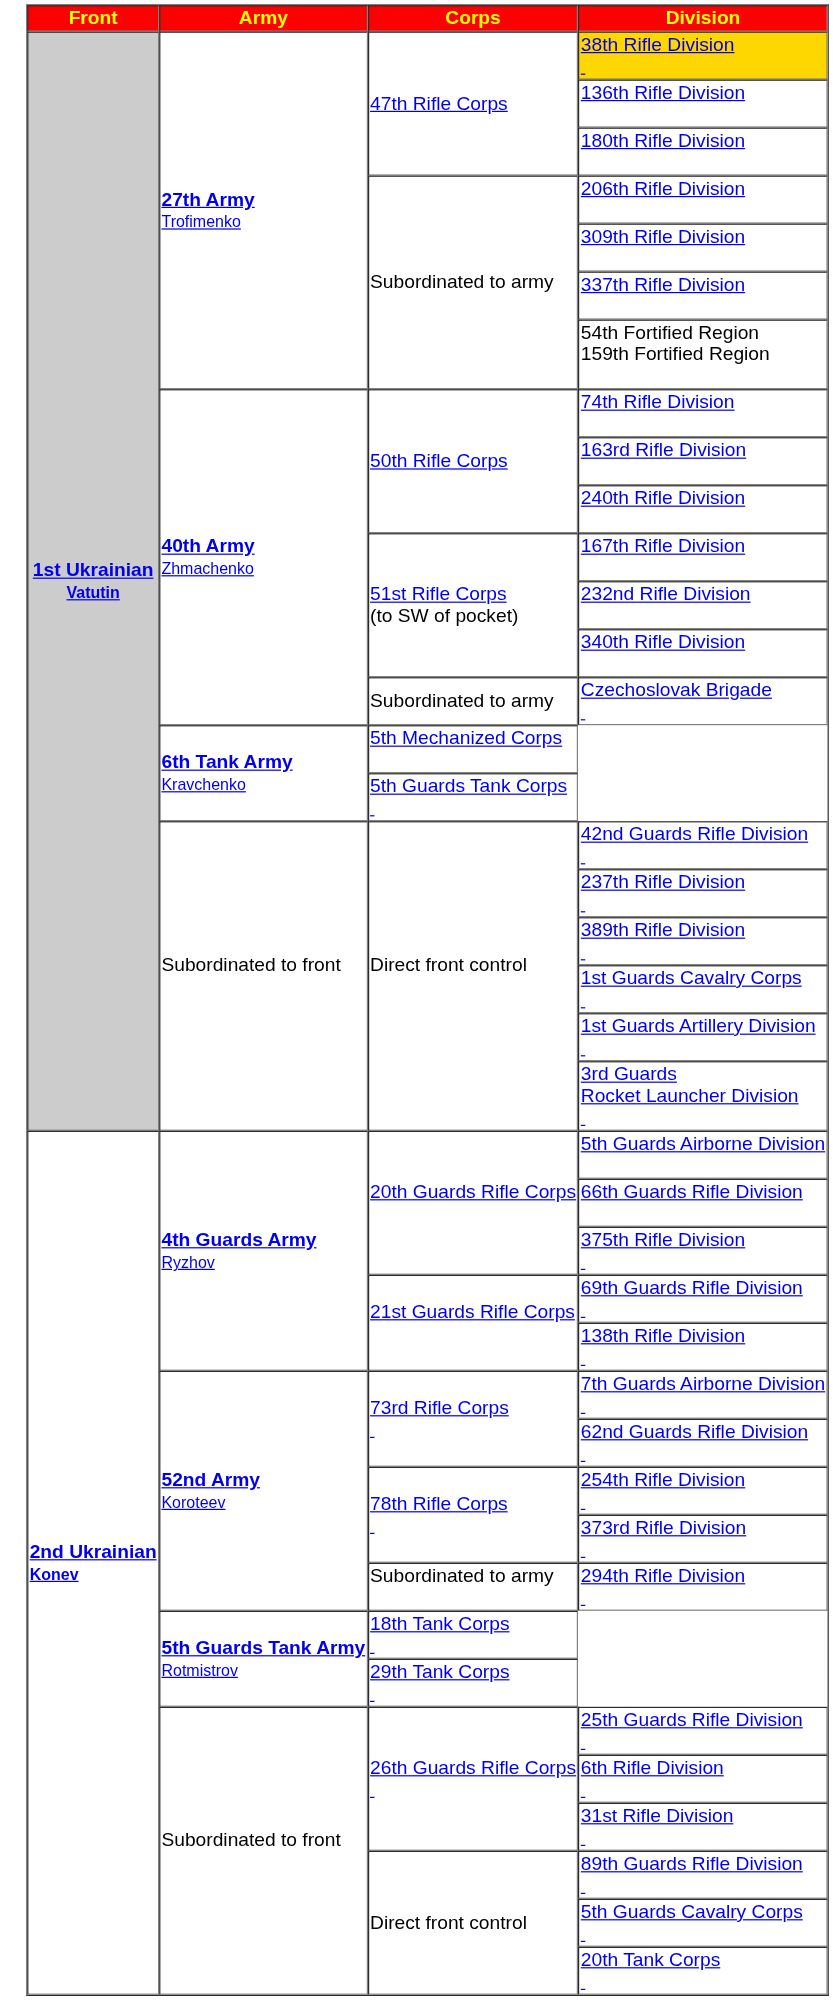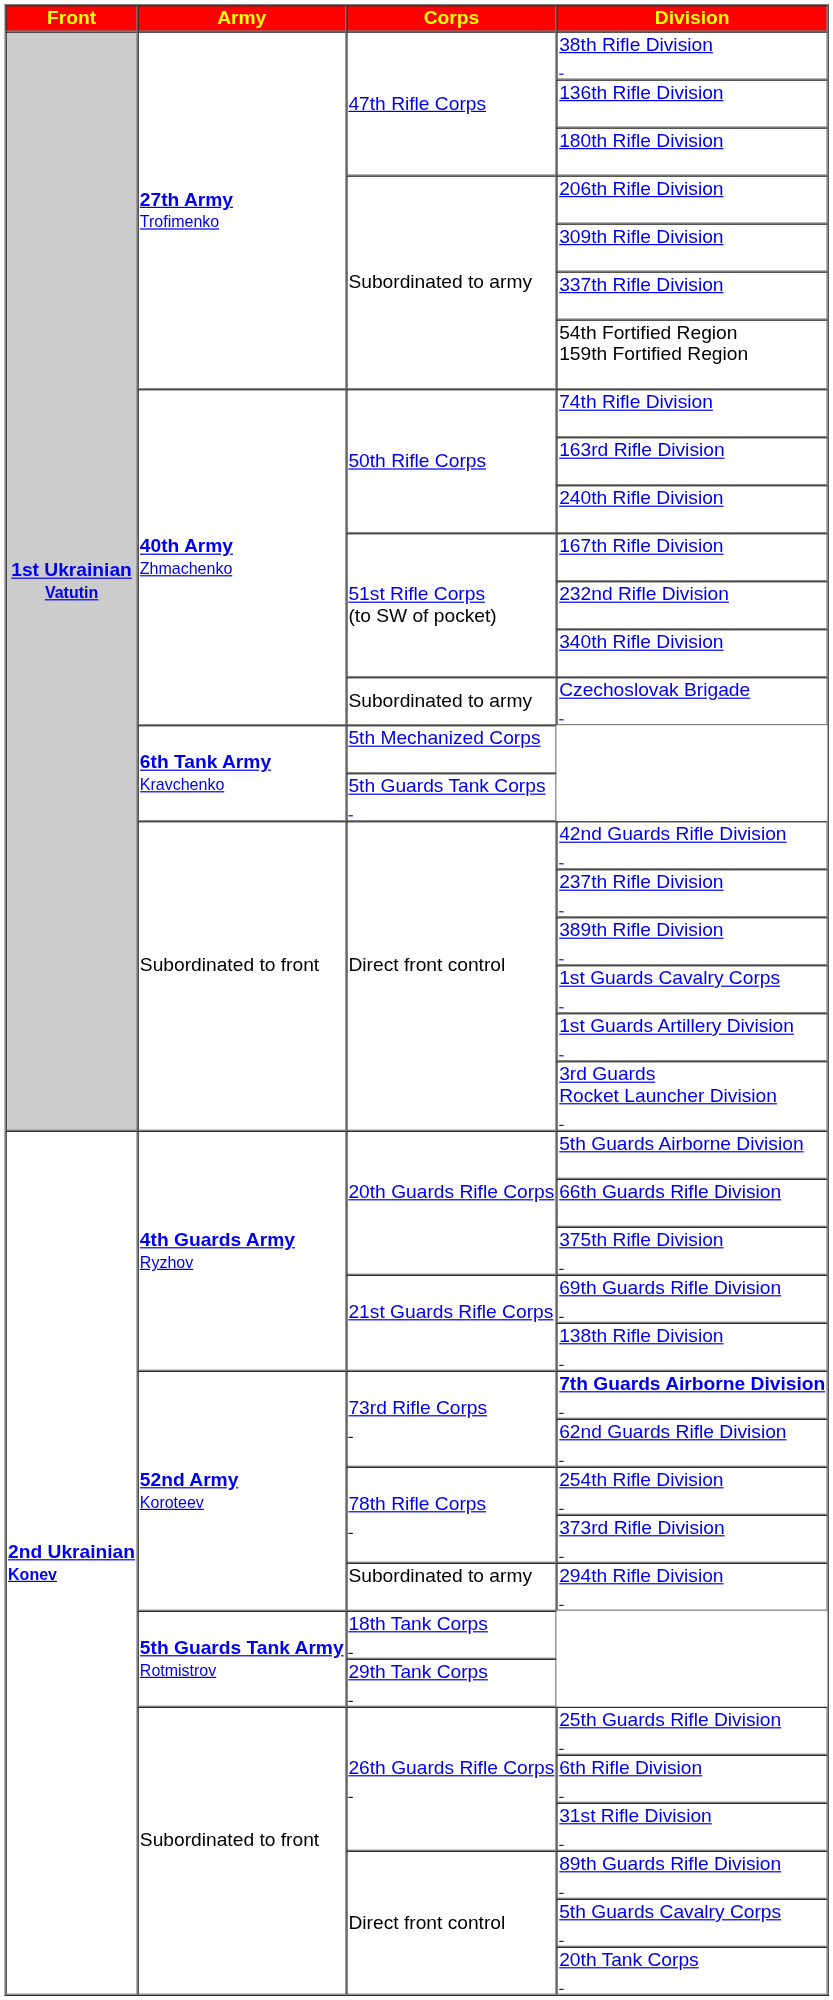 <table style="float: right;" border="1" cellpadding="1" cellspacing="0" style="font-size: 85%; border: gray solid 1px; border-collapse: collapse; text-align: center;">
 <tr style="background-color:red; color:yellow;">
 <th>Front</th>
 <th>Army</th>
 <th>Corps</th>
 <th>Division</th>
 </tr>
 <tr>
 <th ROWSPAN=22 style="background:#ccc;" style="border-bottom:1px solid gray;"><strong><a href='#'>1st Ukrainian</a></strong><br><small><strong><a href='#'>Vatutin</a></strong></small></th>
 <td ROWSPAN=7><strong><a href='#'>27th Army</a></strong><br><small><a href='#'>Trofimenko</a></small></td>
 <td ROWSPAN=3><a href='#'>47th Rifle Corps</a></td>
-<td style="background: gold;"><a href='#'>38th Rifle Division<br><small> </small></a></td>
+<td><a href='#'>38th Rifle Division<br><small> </small></a></td>
 </tr>
 <tr>
 <td><a href='#'>136th Rifle Division</a><br><small> </small></td>
 </tr>
 <tr>
 <td><a href='#'>180th Rifle Division</a><br><small> </small></td>
 </tr>
 <tr>
 <td ROWSPAN=4>Subordinated to army<small> </small></td>
 <td><a href='#'>206th Rifle Division</a><br><small> </small></td>
 </tr>
 <tr>
 <td><a href='#'>309th Rifle Division</a><br><small> </small></td>
 </tr>
 <tr>
 <td><a href='#'>337th Rifle Division</a><br><small> </small></td>
 </tr>
 <tr>
 <td>54th Fortified Region <br> 159th Fortified Region<br><small> </small></td>
 </tr>
 <tr>
 <td ROWSPAN=7><strong><a href='#'>40th Army</a></strong><br><small><a href='#'>Zhmachenko</a></small></td>
 <td ROWSPAN=3><a href='#'>50th Rifle Corps</a></td>
 <td><a href='#'>74th Rifle Division</a><br><small> </small></td>
 </tr>
 <tr>
 <td><a href='#'>163rd Rifle Division</a><br><small> </small></td>
 </tr>
 <tr>
 <td><a href='#'>240th Rifle Division</a><br><small> </small></td>
 </tr>
 <tr>
 <td ROWSPAN=3><a href='#'>51st Rifle Corps</a><br>(to SW of pocket)</td>
 <td><a href='#'>167th Rifle Division</a><br><small> </small></td>
 </tr>
 <tr>
 <td><a href='#'>232nd Rifle Division</a><br><small> </small></td>
 </tr>
 <tr>
 <td><a href='#'>340th Rifle Division</a><br><small> </small></td>
 </tr>
 <tr>
 <td ROWSPAN=1>Subordinated to army<small> </small></td>
 <td><a href='#'>Czechoslovak Brigade<br><small> </small></a></td>
 </tr>
 <tr>
 <td ROWSPAN=2><strong><a href='#'>6th Tank Army</a></strong><br><small><a href='#'>Kravchenko</a></small></td>
 <td><a href='#'>5th Mechanized Corps</a><br><small> </small></td>
 </tr>
 <tr>
 <td><a href='#'>5th Guards Tank Corps<br><small> </small></a></td>
 </tr>
 <tr>
 <td ROWSPAN=6>Subordinated to front<br><small> </small></td>
 <td ROWSPAN=6>Direct front control<br><small> </small></td>
 <td><a href='#'>42nd Guards Rifle Division<br><small> </small></a></td>
 </tr>
 <tr>
 <td><a href='#'>237th Rifle Division<br><small> </small></a></td>
 </tr>
 <tr>
 <td><a href='#'>389th Rifle Division<br><small> </small></a></td>
 </tr>
 <tr>
 <td><a href='#'>1st Guards Cavalry Corps<br><small> </small></a></td>
 </tr>
 <tr>
 <td><a href='#'>1st Guards Artillery Division<br><small> </small></a></td>
 </tr>
 <tr>
 <td><a href='#'>3rd Guards<br>Rocket Launcher Division<br><small> </small></a></td>
 </tr>
 <tr>
 <td ROWSPAN=18><strong><a href='#'>2nd Ukrainian</a></strong><br><small><strong><a href='#'>Konev</a></strong></small></td>
 <td ROWSPAN=5><strong><a href='#'>4th Guards Army</a></strong><br><small><a href='#'>Ryzhov</a></small></td>
 <td ROWSPAN=3><a href='#'>20th Guards Rifle Corps</a><br><small> </small></td>
 <td><a href='#'>5th Guards Airborne Division</a><br><small> </small></td>
 </tr>
 <tr>
 <td><a href='#'>66th Guards Rifle Division</a><br><small> </small></td>
 </tr>
 <tr>
 <td><a href='#'>375th Rifle Division<br><small> </small></a></td>
 </tr>
 <tr>
 <td ROWSPAN=2><a href='#'>21st Guards Rifle Corps</a><br><small> </small></td>
 <td><a href='#'>69th Guards Rifle Division<br><small> </small></a></td>
 </tr>
 <tr>
 <td><a href='#'>138th Rifle Division<br><small> </small></a></td>
 </tr>
 <tr>
 <td ROWSPAN=5><strong><a href='#'>52nd Army</a></strong><br><small><a href='#'>Koroteev</a></small></td>
 <td ROWSPAN=2><a href='#'>73rd Rifle Corps<br><small> </small></a></td>
-<td><a href='#'>7th Guards Airborne Division<br><small> </small></a></td>
+<td><strong><a href='#'>7th Guards Airborne Division<br><small> </small></a></strong></td>
 </tr>
 <tr>
 <td><a href='#'>62nd Guards Rifle Division<br><small> </small></a></td>
 </tr>
 <tr>
 <td ROWSPAN=2><a href='#'>78th Rifle Corps<br><small> </small></a></td>
 <td><a href='#'>254th Rifle Division<br><small> </small></a></td>
 </tr>
 <tr>
 <td><a href='#'>373rd Rifle Division<br><small> </small></a></td>
 </tr>
 <tr>
 <td ROWSPAN=1>Subordinated to army<br><small> </small></td>
 <td><a href='#'>294th Rifle Division<br><small> </small></a></td>
 </tr>
 <tr>
 <td ROWSPAN=2><strong><a href='#'>5th Guards Tank Army</a></strong><br><small><a href='#'>Rotmistrov</a></small></td>
 <td><a href='#'>18th Tank Corps<br><small> </small></a></td>
 </tr>
 <tr>
 <td><a href='#'>29th Tank Corps<br><small> </small></a></td>
 </tr>
 <tr>
 <td ROWSPAN=6>Subordinated to front<br><small> </small></td>
 <td ROWSPAN=3><a href='#'>26th Guards Rifle Corps<br><small> </small></a></td>
 <td><a href='#'>25th Guards Rifle Division<br><small> </small></a></td>
 </tr>
 <tr>
 <td><a href='#'>6th Rifle Division<br><small> </small></a></td>
 </tr>
 <tr>
 <td><a href='#'>31st Rifle Division<br><small> </small></a></td>
 </tr>
 <tr>
 <td ROWSPAN=3>Direct front control</td>
 <td><a href='#'>89th Guards Rifle Division<br><small> </small></a></td>
 </tr>
 <tr>
 <td><a href='#'>5th Guards Cavalry Corps<br><small> </small></a></td>
 </tr>
 <tr>
 <td><a href='#'>20th Tank Corps<br><small> </small></a></td>
 </tr>
 <tr>
 </tr>
 </table>
